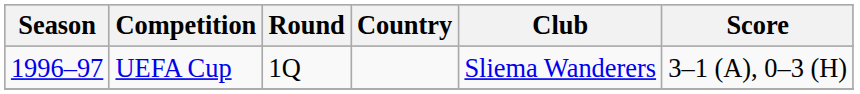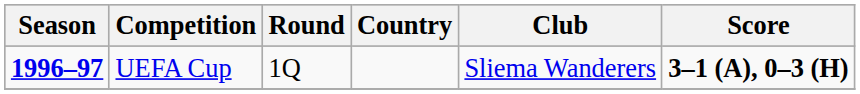 <table class="wikitable">
 <tr>
 <th>Season</th>
 <th>Competition</th>
 <th>Round</th>
 <th>Country</th>
 <th>Club</th>
 <th>Score</th>
 </tr>
 <tr>
-<td><a href='#'>1996–97</a></td>
+<td><strong><a href='#'>1996–97</a></strong></td>
 <td><a href='#'>UEFA Cup</a></td>
 <td>1Q</td>
 <td></td>
 <td><a href='#'>Sliema Wanderers</a></td>
-<td>3–1 (A), 0–3 (H)</td>
+<td><strong>3–1 (A), 0–3 (H)</strong></td>
 </tr>
 <tr>
 </tr>
 </table>
